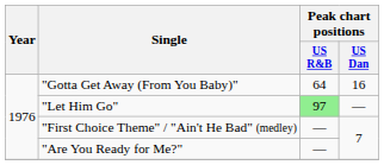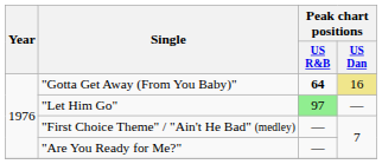 <table class="wikitable" style="text-align:center;">
 <tr>
 <th rowspan="2">Year</th>
 <th rowspan="2">Single</th>
 <th colspan="2">Peak chart positions</th>
 </tr>
 <tr style="font-size:smaller;">
 <th width="40"><a href='#'>US<br>R&B</a><br></th>
 <th width="40"><a href='#'>US<br>Dan</a><br></th>
 </tr>
 <tr>
 <td rowspan="4">1976</td>
 <td align="left">"Gotta Get Away (From You Baby)"</td>
-<td>64</td>
-<td>16</td>
+<td><strong>64</strong></td>
+<td style="background: khaki;">16</td>
 </tr>
 <tr>
 <td align="left">"Let Him Go"</td>
 <td style="background: lightgreen;">97</td>
 <td>—</td>
 </tr>
 <tr>
 <td align="left">"First Choice Theme" / "Ain't He Bad" <small>(medley)</small></td>
 <td>—</td>
 <td rowspan="2">7</td>
 </tr>
 <tr>
 <td align="left">"Are You Ready for Me?"</td>
 <td>—</td>
 </tr>
 <tr>
 </tr>
 </table>
